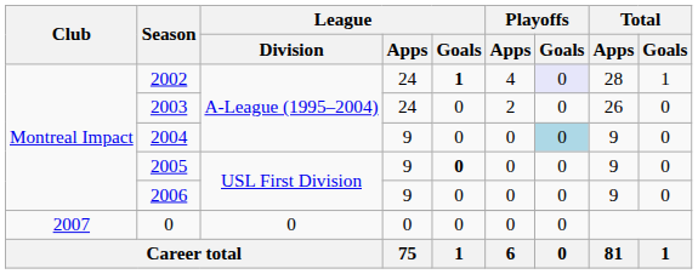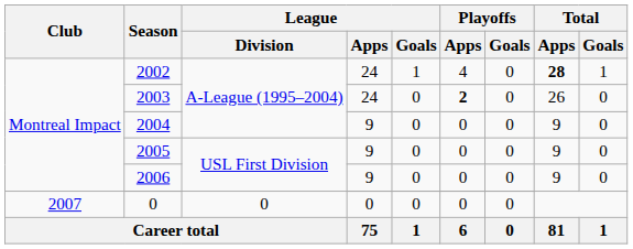 <table class="wikitable" style="text-align:center">
 <tr>
 <th rowspan="2">Club</th>
 <th rowspan="2">Season</th>
 <th colspan="3">League</th>
 <th colspan="2">Playoffs</th>
 <th colspan="2">Total</th>
 </tr>
 <tr>
 <th>Division</th>
 <th>Apps</th>
 <th>Goals</th>
 <th>Apps</th>
 <th>Goals</th>
 <th>Apps</th>
 <th>Goals</th>
 </tr>
 <tr>
 <td rowspan="6"><a href='#'>Montreal Impact</a></td>
 <td><a href='#'>2002</a></td>
 <td rowspan="3"><a href='#'>A-League (1995–2004)</a></td>
 <td>24</td>
-<td><strong>1</strong></td>
+<td>1</td>
 <td>4</td>
-<td style="background: lavender;">0</td>
-<td>28</td>
+<td>0</td>
+<td><strong>28</strong></td>
 <td>1</td>
 </tr>
 <tr>
 <td><a href='#'>2003</a></td>
 <td>24</td>
 <td>0</td>
-<td>2</td>
+<td><strong>2</strong></td>
 <td>0</td>
 <td>26</td>
 <td>0</td>
 </tr>
 <tr>
 <td><a href='#'>2004</a></td>
 <td>9</td>
 <td>0</td>
 <td>0</td>
-<td style="background: lightblue;">0</td>
+<td>0</td>
 <td>9</td>
 <td>0</td>
 </tr>
 <tr>
 <td><a href='#'>2005</a></td>
 <td rowspan="3"><a href='#'>USL First Division</a></td>
 <td>9</td>
-<td><strong>0</strong></td>
+<td>0</td>
 <td>0</td>
 <td>0</td>
 <td>9</td>
 <td>0</td>
 </tr>
 <tr>
 <td><a href='#'>2006</a></td>
 <td>9</td>
 <td>0</td>
 <td>0</td>
 <td>0</td>
 <td>9</td>
 <td>0</td>
 </tr>
 <tr>
 </tr>
 <tr>
 <td><a href='#'>2007</a></td>
 <td>0</td>
 <td>0</td>
 <td>0</td>
 <td>0</td>
 <td>0</td>
 <td>0</td>
 </tr>
 <tr>
 <th colspan="3">Career total</th>
 <th>75</th>
 <th>1</th>
 <th>6</th>
 <th>0</th>
 <th>81</th>
 <th>1</th>
 </tr>
 </table>
